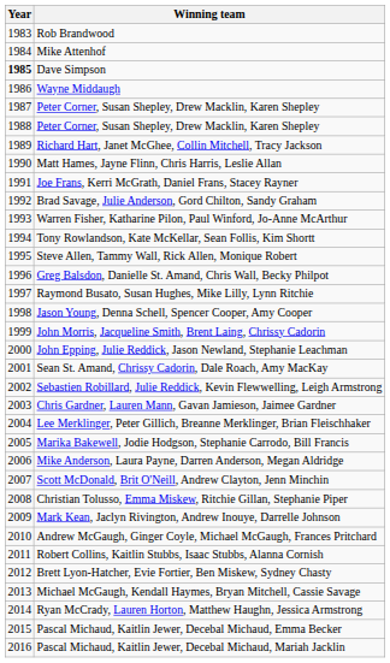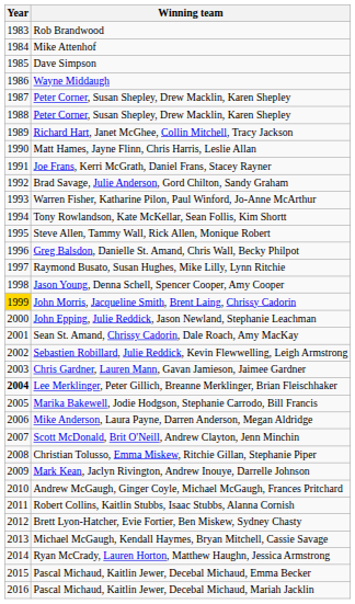 <table class="wikitable">
 <tr>
 <th>Year</th>
 <th>Winning team</th>
 </tr>
 <tr>
 <td>1983</td>
 <td>Rob Brandwood</td>
 </tr>
 <tr>
 <td>1984</td>
 <td>Mike Attenhof</td>
 </tr>
 <tr>
-<td><strong>1985</strong></td>
+<td>1985</td>
 <td>Dave Simpson</td>
 </tr>
 <tr>
 <td>1986</td>
 <td><a href='#'>Wayne Middaugh</a></td>
 </tr>
 <tr>
 <td>1987</td>
 <td><a href='#'>Peter Corner</a>, Susan Shepley, Drew Macklin, Karen Shepley</td>
 </tr>
 <tr>
 <td>1988</td>
 <td><a href='#'>Peter Corner</a>, Susan Shepley, Drew Macklin, Karen Shepley</td>
 </tr>
 <tr>
 <td>1989</td>
 <td><a href='#'>Richard Hart</a>, Janet McGhee, <a href='#'>Collin Mitchell</a>, Tracy Jackson</td>
 </tr>
 <tr>
 <td>1990</td>
 <td>Matt Hames, Jayne Flinn, Chris Harris, Leslie Allan</td>
 </tr>
 <tr>
 <td>1991</td>
 <td><a href='#'>Joe Frans</a>, Kerri McGrath, Daniel Frans, Stacey Rayner</td>
 </tr>
 <tr>
 <td>1992</td>
 <td>Brad Savage, <a href='#'>Julie Anderson</a>, Gord Chilton, Sandy Graham</td>
 </tr>
 <tr>
 <td>1993</td>
 <td>Warren Fisher, Katharine Pilon, Paul Winford, Jo-Anne McArthur</td>
 </tr>
 <tr>
 <td>1994</td>
 <td>Tony Rowlandson, Kate McKellar, Sean Follis, Kim Shortt</td>
 </tr>
 <tr>
 <td>1995</td>
 <td>Steve Allen, Tammy Wall, Rick Allen, Monique Robert</td>
 </tr>
 <tr>
 <td>1996</td>
 <td><a href='#'>Greg Balsdon</a>, Danielle St. Amand, Chris Wall, Becky Philpot</td>
 </tr>
 <tr>
 <td>1997</td>
 <td>Raymond Busato, Susan Hughes, Mike Lilly, Lynn Ritchie</td>
 </tr>
 <tr>
 <td>1998</td>
 <td><a href='#'>Jason Young</a>, Denna Schell, Spencer Cooper, Amy Cooper</td>
 </tr>
 <tr>
-<td>1999</td>
+<td style="background: gold;">1999</td>
 <td><a href='#'>John Morris</a>, <a href='#'>Jacqueline Smith</a>, <a href='#'>Brent Laing</a>, <a href='#'>Chrissy Cadorin</a></td>
 </tr>
 <tr>
 <td>2000</td>
 <td><a href='#'>John Epping</a>, <a href='#'>Julie Reddick</a>, Jason Newland, Stephanie Leachman</td>
 </tr>
 <tr>
 <td>2001</td>
 <td>Sean St. Amand, <a href='#'>Chrissy Cadorin</a>, Dale Roach, Amy MacKay</td>
 </tr>
 <tr>
 <td>2002</td>
 <td><a href='#'>Sebastien Robillard</a>, <a href='#'>Julie Reddick</a>, Kevin Flewwelling, Leigh Armstrong</td>
 </tr>
 <tr>
 <td>2003</td>
 <td><a href='#'>Chris Gardner</a>, <a href='#'>Lauren Mann</a>, Gavan Jamieson, Jaimee Gardner</td>
 </tr>
 <tr>
-<td>2004</td>
+<td><strong>2004</strong></td>
 <td><a href='#'>Lee Merklinger</a>, Peter Gillich, Breanne Merklinger, Brian Fleischhaker</td>
 </tr>
 <tr>
 <td>2005</td>
 <td><a href='#'>Marika Bakewell</a>, Jodie Hodgson, Stephanie Carrodo, Bill Francis</td>
 </tr>
 <tr>
 <td>2006</td>
 <td><a href='#'>Mike Anderson</a>, Laura Payne, Darren Anderson, Megan Aldridge</td>
 </tr>
 <tr>
 <td>2007</td>
 <td><a href='#'>Scott McDonald</a>, <a href='#'>Brit O'Neill</a>, Andrew Clayton, Jenn Minchin</td>
 </tr>
 <tr>
 <td>2008</td>
 <td>Christian Tolusso, <a href='#'>Emma Miskew</a>, Ritchie Gillan, Stephanie Piper</td>
 </tr>
 <tr>
 <td>2009</td>
 <td><a href='#'>Mark Kean</a>, Jaclyn Rivington, Andrew Inouye, Darrelle Johnson</td>
 </tr>
 <tr>
 <td>2010</td>
 <td>Andrew McGaugh, Ginger Coyle, Michael McGaugh, Frances Pritchard</td>
 </tr>
 <tr>
 <td>2011</td>
 <td>Robert Collins, Kaitlin Stubbs, Isaac Stubbs, Alanna Cornish</td>
 </tr>
 <tr>
 <td>2012</td>
 <td>Brett Lyon-Hatcher, Evie Fortier, Ben Miskew, Sydney Chasty</td>
 </tr>
 <tr>
 <td>2013</td>
 <td>Michael McGaugh, Kendall Haymes, Bryan Mitchell, Cassie Savage</td>
 </tr>
 <tr>
 <td>2014</td>
 <td>Ryan McCrady, <a href='#'>Lauren Horton</a>, Matthew Haughn, Jessica Armstrong</td>
 </tr>
 <tr>
 <td>2015</td>
 <td>Pascal Michaud, Kaitlin Jewer, Decebal Michaud, Emma Becker</td>
 </tr>
 <tr>
 <td>2016</td>
 <td>Pascal Michaud, Kaitlin Jewer, Decebal Michaud, Mariah Jacklin</td>
 </tr>
 </table>
